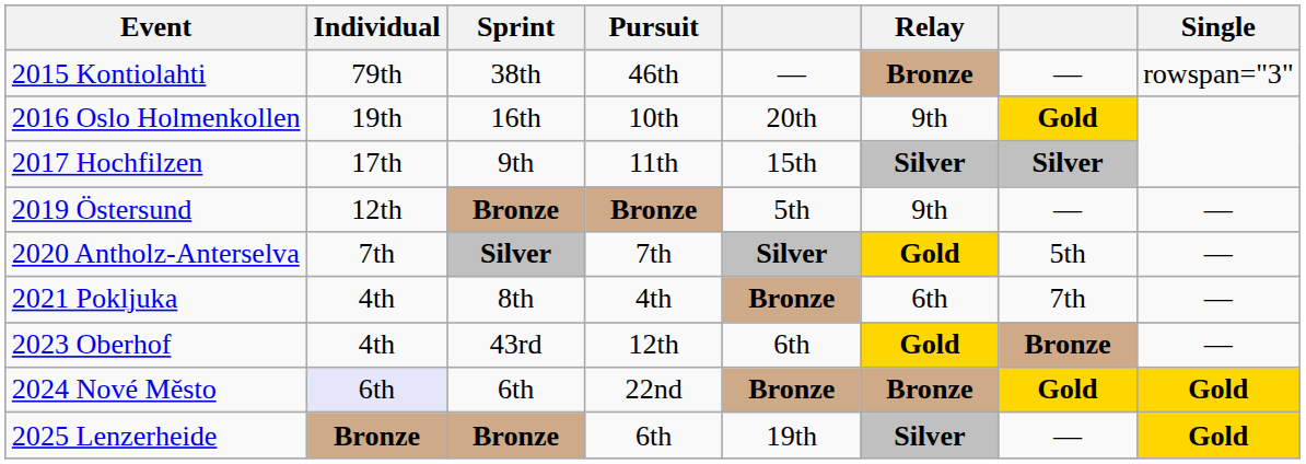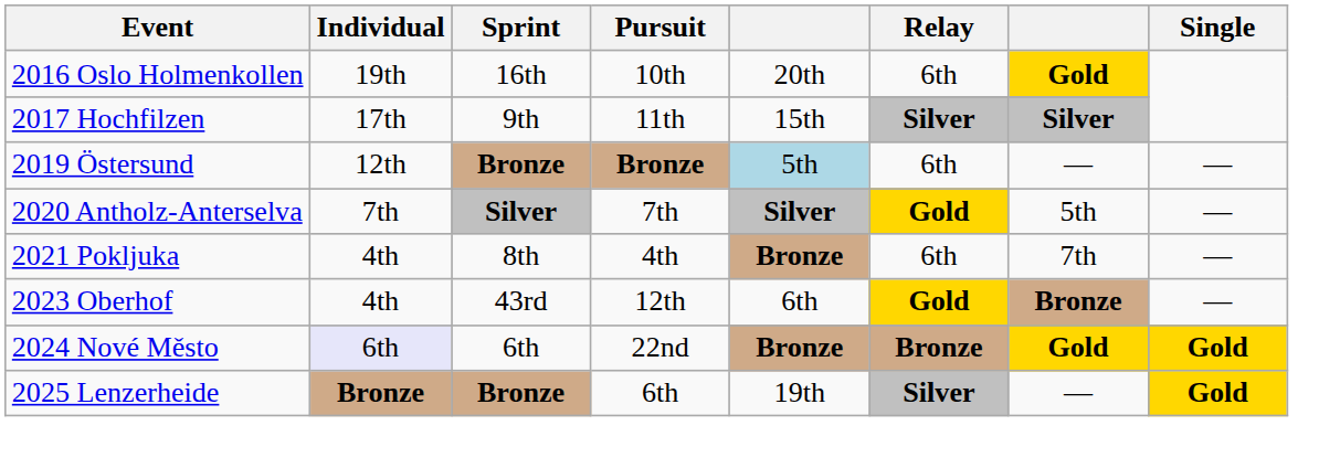 <table class="wikitable" style="text-align: center;">
 <tr>
 <th>Event</th>
 <th style="width:70px;">Individual</th>
 <th style="width:70px;">Sprint</th>
 <th style="width:70px;">Pursuit</th>
 <th style="width:70px;"></th>
 <th style="width:70px;">Relay</th>
 <th style="width:70px;"></th>
 <th style="width:70px;">Single </th>
 </tr>
 <tr>
-<td align=left> <a href='#'>2015 Kontiolahti</a></td>
-<td>79th</td>
-<td>38th</td>
-<td>46th</td>
-<td>—</td>
-<td style="background:#cfaa88;"><strong>Bronze</strong></td>
-<td>—</td>
-<td>rowspan="3" </td>
-</tr>
-<tr>
 <td align=left> <a href='#'>2016 Oslo Holmenkollen</a></td>
 <td>19th</td>
 <td>16th</td>
 <td>10th</td>
 <td>20th</td>
-<td>9th</td>
+<td>6th</td>
 <td style="background:gold;"><strong>Gold</strong></td>
 </tr>
 <tr>
 <td align=left> <a href='#'>2017 Hochfilzen</a></td>
 <td>17th</td>
 <td>9th</td>
 <td>11th</td>
 <td>15th</td>
 <td style="background:silver;"><strong>Silver</strong></td>
 <td style="background:silver;"><strong>Silver</strong></td>
 </tr>
 <tr>
 <td align=left> <a href='#'>2019 Östersund</a></td>
 <td>12th</td>
 <td style="background:#cfaa88;"><strong>Bronze</strong></td>
 <td style="background:#cfaa88;"><strong>Bronze</strong></td>
-<td>5th</td>
-<td>9th</td>
+<td style="background: lightblue;">5th</td>
+<td>6th</td>
 <td>—</td>
 <td>—</td>
 </tr>
 <tr>
 <td align=left> <a href='#'>2020 Antholz-Anterselva</a></td>
 <td>7th</td>
 <td style="background:silver;"><strong>Silver</strong></td>
 <td>7th</td>
 <td style="background:silver;"><strong>Silver</strong></td>
 <td style="background:gold;"><strong>Gold</strong></td>
 <td>5th</td>
 <td>—</td>
 </tr>
 <tr>
 <td align=left> <a href='#'>2021 Pokljuka</a></td>
 <td>4th</td>
 <td>8th</td>
 <td>4th</td>
 <td style="background:#cfaa88;"><strong>Bronze</strong></td>
 <td>6th</td>
 <td>7th</td>
 <td>—</td>
 </tr>
 <tr>
 <td align=left> <a href='#'>2023 Oberhof</a></td>
 <td>4th</td>
 <td>43rd</td>
 <td>12th</td>
 <td>6th</td>
 <td style="background:gold;"><strong>Gold</strong></td>
 <td style="background:#cfaa88;"><strong>Bronze</strong></td>
 <td>—</td>
 </tr>
 <tr>
 <td align=left> <a href='#'>2024 Nové Město</a></td>
 <td style="background: lavender;">6th</td>
 <td>6th</td>
 <td>22nd</td>
 <td style="background:#cfaa88;"><strong>Bronze</strong></td>
 <td style="background:#cfaa88;"><strong>Bronze</strong></td>
 <td style="background:gold;"><strong>Gold</strong></td>
 <td style="background:gold;"><strong>Gold</strong></td>
 </tr>
 <tr>
 <td align=left> <a href='#'>2025 Lenzerheide</a></td>
 <td style="background:#cfaa88;"><strong>Bronze</strong></td>
 <td style="background:#cfaa88;"><strong>Bronze</strong></td>
 <td>6th</td>
 <td>19th</td>
 <td style="background:silver;"><strong>Silver</strong></td>
 <td>—</td>
 <td style="background:gold;"><strong>Gold</strong></td>
 </tr>
 </table>
